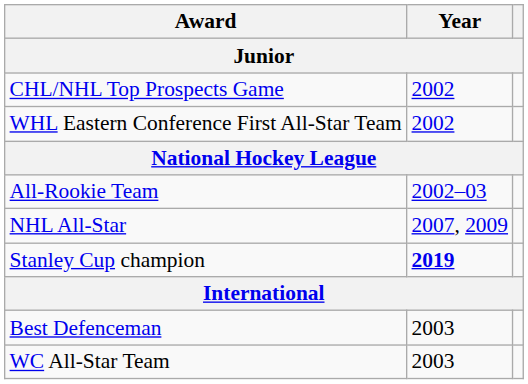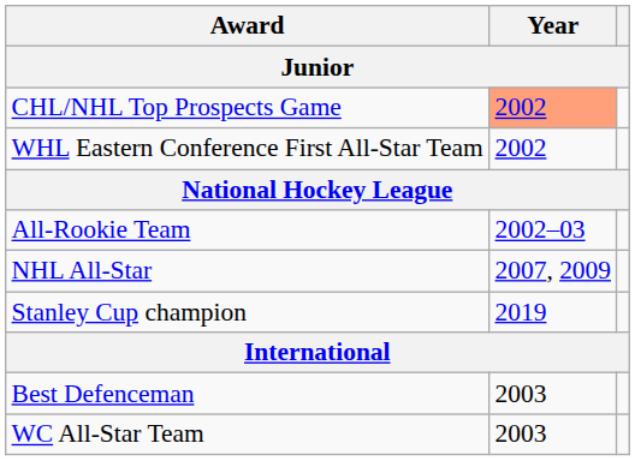 <table class="wikitable">
 <tr>
 <th>Award</th>
 <th>Year</th>
 <th></th>
 </tr>
 <tr>
 <th colspan="3">Junior</th>
 </tr>
 <tr>
 <td><a href='#'>CHL/NHL Top Prospects Game</a></td>
-<td><a href='#'>2002</a></td>
+<td style="background: lightsalmon;"><a href='#'>2002</a></td>
 <td></td>
 </tr>
 <tr>
 <td><a href='#'>WHL</a> Eastern Conference First All-Star Team</td>
 <td><a href='#'>2002</a></td>
 <td></td>
 </tr>
 <tr>
 <th colspan="3"><a href='#'>National Hockey League</a></th>
 </tr>
 <tr>
 <td><a href='#'>All-Rookie Team</a></td>
 <td><a href='#'>2002–03</a></td>
 <td></td>
 </tr>
 <tr>
 <td><a href='#'>NHL All-Star</a></td>
 <td><a href='#'>2007</a>, <a href='#'>2009</a></td>
 <td></td>
 </tr>
 <tr>
 <td><a href='#'>Stanley Cup</a> champion</td>
-<td><strong><a href='#'>2019</a></strong></td>
+<td><a href='#'>2019</a></td>
 <td></td>
 </tr>
 <tr>
 <th colspan="3"><a href='#'>International</a></th>
 </tr>
 <tr>
 <td><a href='#'>Best Defenceman</a></td>
 <td>2003</td>
 <td></td>
 </tr>
 <tr>
 <td><a href='#'>WC</a> All-Star Team</td>
 <td>2003</td>
 <td></td>
 </tr>
 </table>
